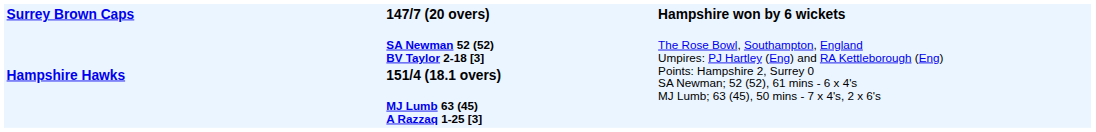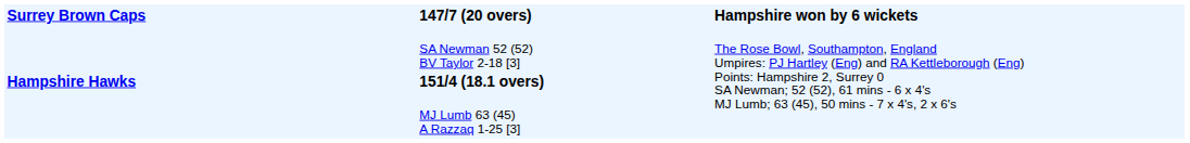 <table style="width:100%; background:#ebf5ff;">
 <tr>
 <td style="width:35%; vertical-align:top;" rowspan="2"><strong><a href='#'>Surrey Brown Caps</a></strong></td>
 <td style="width:25%;"><strong>147/7 (20 overs)</strong></td>
 <td style="width:40%;"><strong>Hampshire won by 6 wickets</strong></td>
 </tr>
 <tr>
-<td style="font-size: 85%;"><strong><br><a href='#'>SA Newman</a> 52 (52)<br> <a href='#'>BV Taylor</a> 2-18 [3]</strong></td>
+<td style="font-size: 85%;"><br><a href='#'>SA Newman</a> 52 (52)<br> <a href='#'>BV Taylor</a> 2-18 [3]</td>
 <td style="vertical-align:top; font-size:85%;" rowspan="3"><br><a href='#'>The Rose Bowl</a>, <a href='#'>Southampton</a>, <a href='#'>England</a><br> Umpires: <a href='#'>PJ Hartley</a> (<a href='#'>Eng</a>) and <a href='#'>RA Kettleborough</a> (<a href='#'>Eng</a>)<br> Points: Hampshire 2, Surrey 0<br>SA Newman; 52 (52), 61 mins - 6 x 4's<br> MJ Lumb; 63 (45), 50 mins - 7 x 4's, 2 x 6's</td>
 </tr>
 <tr>
 <td style="vertical-align:top;" rowspan="2"><strong><a href='#'>Hampshire Hawks</a></strong></td>
 <td><strong>151/4 (18.1 overs)</strong></td>
 </tr>
 <tr>
-<td style="font-size: 85%;"><strong><br><a href='#'>MJ Lumb</a> 63 (45)<br> <a href='#'>A Razzaq</a> 1-25 [3]</strong></td>
+<td style="font-size: 85%;"><br><a href='#'>MJ Lumb</a> 63 (45)<br> <a href='#'>A Razzaq</a> 1-25 [3]</td>
 </tr>
 </table>
